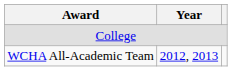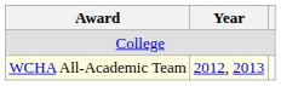 <table class="wikitable">
 <tr>
 <th>Award</th>
 <th>Year</th>
 <th></th>
 </tr>
 <tr ALIGN="center" bgcolor="#e0e0e0">
 <td colspan="3"><a href='#'>College</a></td>
 </tr>
 <tr>
-<td><a href='#'>WCHA</a> All-Academic Team</td>
-<td><a href='#'>2012</a>, <a href='#'>2013</a></td>
+<td style="background: lightyellow;"><a href='#'>WCHA</a> All-Academic Team</td>
+<td style="background: lightyellow;"><a href='#'>2012</a>, <a href='#'>2013</a></td>
 <td></td>
 </tr>
 </table>
